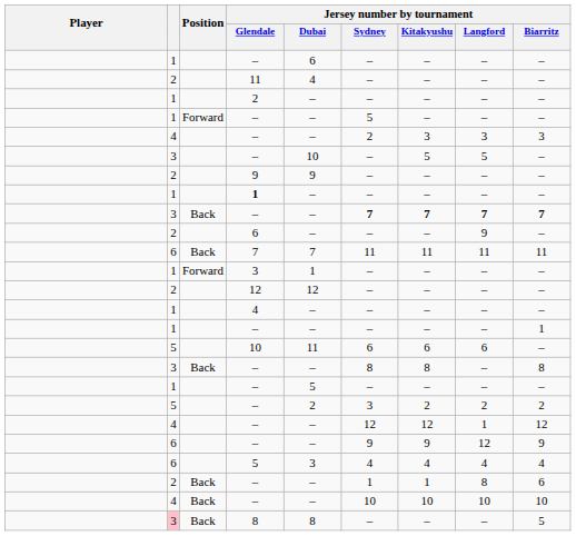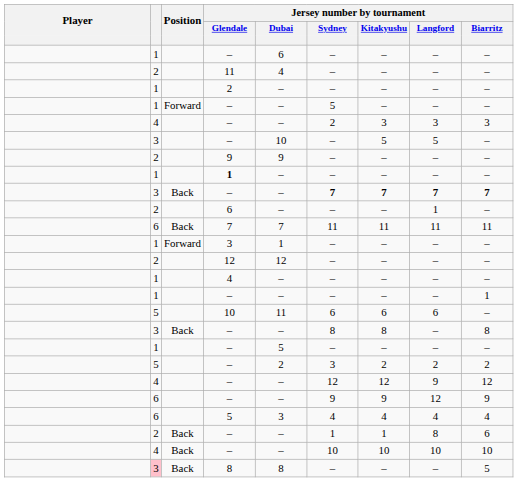 <table class="wikitable sortable" style="text-align:center;">
 <tr>
 <th rowspan=2 style="border-bottom:0px; width:13em;">Player</th>
 <th rowspan=2 style="border-bottom:0px;"></th>
 <th rowspan=2 style="border-bottom:0px;">Position</th>
 <th colspan=6 style="font-size:95%;">Jersey number by tournament</th>
 </tr>
 <tr>
 <th style="vertical-align:top; width:5.2em; border-bottom:0; padding:2px; font-size:85%;"><a href='#'>Glendale</a></th>
 <th style="vertical-align:top; width:5.2em; border-bottom:0; padding:2px; font-size:85%;"><a href='#'>Dubai</a></th>
 <th style="vertical-align:top; width:5.2em; border-bottom:0; padding:2px; font-size:85%;"><a href='#'>Sydney</a></th>
 <th style="vertical-align:top; width:5.2em; border-bottom:0; padding:2px; font-size:85%;"><a href='#'>Kitakyushu</a></th>
 <th style="vertical-align:top; width:5.2em; border-bottom:0; padding:2px; font-size:85%;"><a href='#'>Langford</a></th>
 <th style="vertical-align:top; width:5.2em; border-bottom:0; padding:2px; font-size:85%;"><a href='#'>Biarritz</a></th>
 </tr>
 <tr style="line-height:8px;">
 <th style="border-top:0;"> </th>
 <th style="border-top:0;"></th>
 <th style="border-top:0;"></th>
 <th data-sort-type="number" style="border-top:0;"></th>
 <th data-sort-type="number" style="border-top:0;"></th>
 <th data-sort-type="number" style="border-top:0;"></th>
 <th data-sort-type="number" style="border-top:0;"></th>
 <th data-sort-type="number" style="border-top:0;"></th>
 <th data-sort-type="number" style="border-top:0;"></th>
 </tr>
 <tr>
 <td align=left></td>
 <td>1</td>
 <td></td>
 <td>–</td>
 <td>6</td>
 <td>–</td>
 <td>–</td>
 <td>–</td>
 <td>–</td>
 </tr>
 <tr>
 <td align=left></td>
 <td>2</td>
 <td></td>
 <td>11</td>
 <td>4</td>
 <td>–</td>
 <td>–</td>
 <td>–</td>
 <td>–</td>
 </tr>
 <tr>
 <td align=left></td>
 <td>1</td>
 <td></td>
 <td>2</td>
 <td>–</td>
 <td>–</td>
 <td>–</td>
 <td>–</td>
 <td>–</td>
 </tr>
 <tr>
 <td align=left></td>
 <td>1</td>
 <td>Forward</td>
 <td>–</td>
 <td>–</td>
 <td>5</td>
 <td>–</td>
 <td>–</td>
 <td>–</td>
 </tr>
 <tr>
 <td align=left></td>
 <td>4</td>
 <td></td>
 <td>–</td>
 <td>–</td>
 <td>2</td>
 <td>3</td>
 <td>3</td>
 <td>3</td>
 </tr>
 <tr>
 <td align=left></td>
 <td>3</td>
 <td></td>
 <td>–</td>
 <td>10</td>
 <td>–</td>
 <td>5</td>
 <td>5</td>
 <td>–</td>
 </tr>
 <tr>
 <td align=left></td>
 <td>2</td>
 <td></td>
 <td>9</td>
 <td>9</td>
 <td>–</td>
 <td>–</td>
 <td>–</td>
 <td>–</td>
 </tr>
 <tr>
 <td align=left></td>
 <td>1</td>
 <td></td>
 <td><strong>1</strong></td>
 <td>–</td>
 <td>–</td>
 <td>–</td>
 <td>–</td>
 <td>–</td>
 </tr>
 <tr>
 <td align=left></td>
 <td>3</td>
 <td>Back</td>
 <td>–</td>
 <td>–</td>
 <td><strong>7</strong></td>
 <td><strong>7</strong></td>
 <td><strong>7</strong></td>
 <td><strong>7</strong></td>
 </tr>
 <tr>
 <td align=left></td>
 <td>2</td>
 <td></td>
 <td>6</td>
 <td>–</td>
 <td>–</td>
 <td>–</td>
-<td>9</td>
+<td>1</td>
 <td>–</td>
 </tr>
 <tr>
 <td align=left></td>
 <td>6</td>
 <td>Back</td>
 <td>7</td>
 <td>7</td>
 <td>11</td>
 <td>11</td>
 <td>11</td>
 <td>11</td>
 </tr>
 <tr>
 <td align=left></td>
 <td>1</td>
 <td>Forward</td>
 <td>3</td>
 <td>1</td>
 <td>–</td>
 <td>–</td>
 <td>–</td>
 <td>–</td>
 </tr>
 <tr>
 <td align=left></td>
 <td>2</td>
 <td></td>
 <td>12</td>
 <td>12</td>
 <td>–</td>
 <td>–</td>
 <td>–</td>
 <td>–</td>
 </tr>
 <tr>
 <td align=left></td>
 <td>1</td>
 <td></td>
 <td>4</td>
 <td>–</td>
 <td>–</td>
 <td>–</td>
 <td>–</td>
 <td>–</td>
 </tr>
 <tr>
 <td align=left></td>
 <td>1</td>
 <td></td>
 <td>–</td>
 <td>–</td>
 <td>–</td>
 <td>–</td>
 <td>–</td>
 <td>1</td>
 </tr>
 <tr>
 <td align=left></td>
 <td>5</td>
 <td></td>
 <td>10</td>
 <td>11</td>
 <td>6</td>
 <td>6</td>
 <td>6</td>
 <td>–</td>
 </tr>
 <tr>
 <td align=left></td>
 <td>3</td>
 <td>Back</td>
 <td>–</td>
 <td>–</td>
 <td>8</td>
 <td>8</td>
 <td>–</td>
 <td>8</td>
 </tr>
 <tr>
 <td align=left></td>
 <td>1</td>
 <td></td>
 <td>–</td>
 <td>5</td>
 <td>–</td>
 <td>–</td>
 <td>–</td>
 <td>–</td>
 </tr>
 <tr>
 <td align=left></td>
 <td>5</td>
 <td></td>
 <td>–</td>
 <td>2</td>
 <td>3</td>
 <td>2</td>
 <td>2</td>
 <td>2</td>
 </tr>
 <tr>
 <td align=left></td>
 <td>4</td>
 <td></td>
 <td>–</td>
 <td>–</td>
 <td>12</td>
 <td>12</td>
-<td>1</td>
+<td>9</td>
 <td>12</td>
 </tr>
 <tr>
 <td align=left></td>
 <td>6</td>
 <td></td>
 <td>–</td>
 <td>–</td>
 <td>9</td>
 <td>9</td>
 <td>12</td>
 <td>9</td>
 </tr>
 <tr>
 <td align=left></td>
 <td>6</td>
 <td></td>
 <td>5</td>
 <td>3</td>
 <td>4</td>
 <td>4</td>
 <td>4</td>
 <td>4</td>
 </tr>
 <tr>
 <td align=left></td>
 <td>2</td>
 <td>Back</td>
 <td>–</td>
 <td>–</td>
 <td>1</td>
 <td>1</td>
 <td>8</td>
 <td>6</td>
 </tr>
 <tr>
 <td align=left></td>
 <td>4</td>
 <td>Back</td>
 <td>–</td>
 <td>–</td>
 <td>10</td>
 <td>10</td>
 <td>10</td>
 <td>10</td>
 </tr>
 <tr>
 <td align=left></td>
 <td style="background: pink;">3</td>
 <td>Back</td>
 <td>8</td>
 <td>8</td>
 <td>–</td>
 <td>–</td>
 <td>–</td>
 <td>5</td>
 </tr>
 </table>
